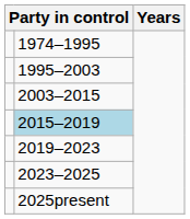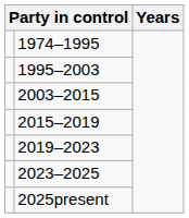 <table class="wikitable">
 <tr>
 <th colspan=2>Party in control</th>
 <th>Years</th>
 </tr>
 <tr>
 <td></td>
 <td>1974–1995</td>
 </tr>
 <tr>
 <td></td>
 <td>1995–2003</td>
 </tr>
 <tr>
 <td></td>
 <td>2003–2015</td>
 </tr>
 <tr>
 <td></td>
-<td style="background: lightblue;">2015–2019</td>
+<td>2015–2019</td>
 </tr>
 <tr>
 <td></td>
 <td>2019–2023</td>
 </tr>
 <tr>
 <td></td>
 <td>2023–2025</td>
 </tr>
 <tr>
 <td></td>
 <td>2025present</td>
 </tr>
 </table>
